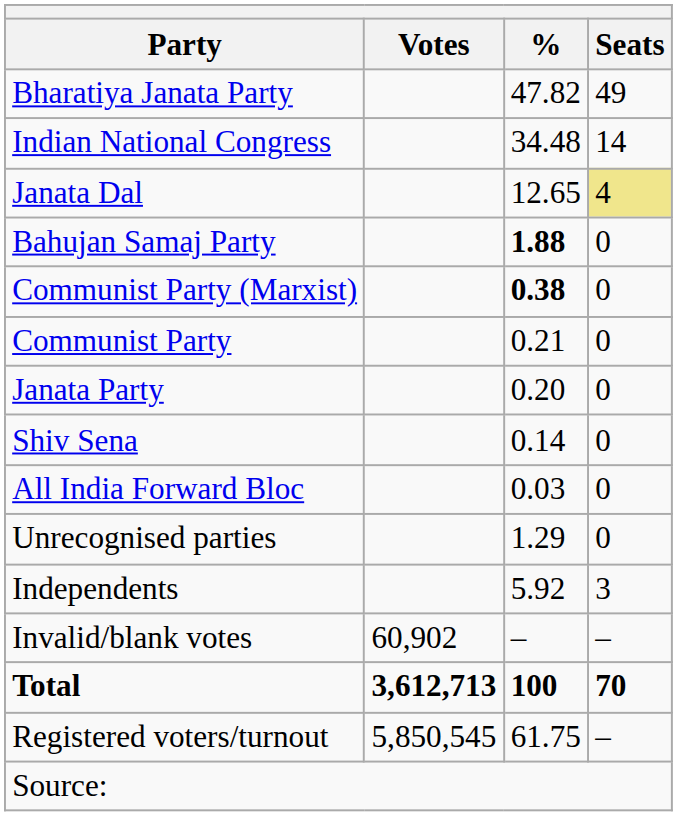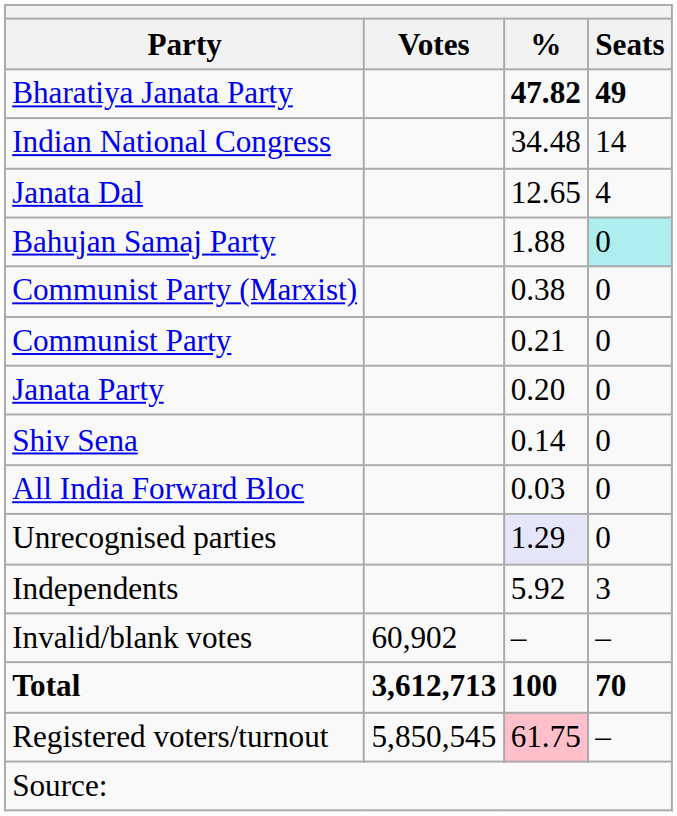 <table class="wikitable sortable">
 <tr>
 <th colspan=10></th>
 </tr>
 <tr>
 <th>Party</th>
 <th>Votes</th>
 <th>%</th>
 <th>Seats</th>
 </tr>
 <tr>
 <td align=left><a href='#'>Bharatiya Janata Party</a></td>
 <td></td>
-<td>47.82</td>
-<td>49</td>
+<td><strong>47.82</strong></td>
+<td><strong>49</strong></td>
 </tr>
 <tr>
 <td align=left><a href='#'>Indian National Congress</a></td>
 <td></td>
 <td>34.48</td>
 <td>14</td>
 </tr>
 <tr>
 <td align=left><a href='#'>Janata Dal</a></td>
 <td></td>
 <td>12.65</td>
-<td style="background: khaki;">4</td>
+<td>4</td>
 </tr>
 <tr>
 <td align=left><a href='#'>Bahujan Samaj Party</a></td>
 <td></td>
-<td><strong>1.88</strong></td>
-<td>0</td>
+<td>1.88</td>
+<td style="background: paleturquoise;">0</td>
 </tr>
 <tr>
 <td align=left><a href='#'>Communist Party (Marxist)</a></td>
 <td></td>
-<td><strong>0.38</strong></td>
+<td>0.38</td>
 <td>0</td>
 </tr>
 <tr>
 <td align=left><a href='#'>Communist Party</a></td>
 <td></td>
 <td>0.21</td>
 <td>0</td>
 </tr>
 <tr>
 <td align=left><a href='#'>Janata Party</a></td>
 <td></td>
 <td>0.20</td>
 <td>0</td>
 </tr>
 <tr>
 <td align=left><a href='#'>Shiv Sena</a></td>
 <td></td>
 <td>0.14</td>
 <td>0</td>
 </tr>
 <tr>
 <td align=left><a href='#'>All India Forward Bloc</a></td>
 <td></td>
 <td>0.03</td>
 <td>0</td>
 </tr>
 <tr>
 <td align=left>Unrecognised parties</td>
 <td></td>
-<td>1.29</td>
+<td style="background: lavender;">1.29</td>
 <td>0</td>
 </tr>
 <tr>
 <td align=left>Independents</td>
 <td></td>
 <td>5.92</td>
 <td>3</td>
 </tr>
 <tr>
 <td align=left>Invalid/blank votes</td>
 <td>60,902</td>
 <td>–</td>
 <td>–</td>
 </tr>
 <tr>
 <td align=left><strong>Total</strong></td>
 <td><strong>3,612,713</strong></td>
 <td><strong>100</strong></td>
 <td><strong>70</strong></td>
 </tr>
 <tr>
 <td align=left>Registered voters/turnout</td>
 <td>5,850,545</td>
-<td>61.75</td>
+<td style="background: pink;">61.75</td>
 <td>–</td>
 </tr>
 <tr>
 <td align=left colspan=4>Source: </td>
 </tr>
 </table>
